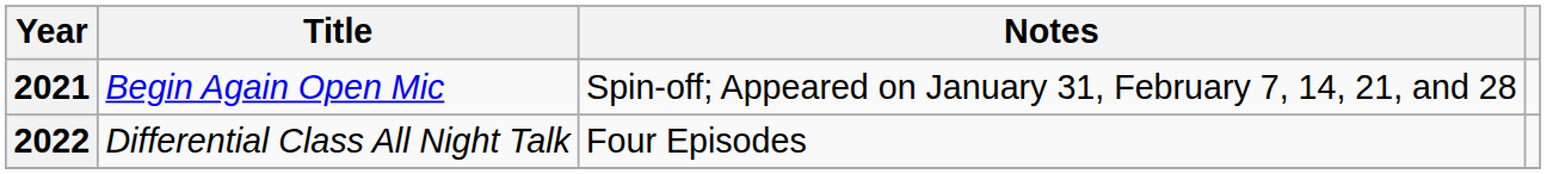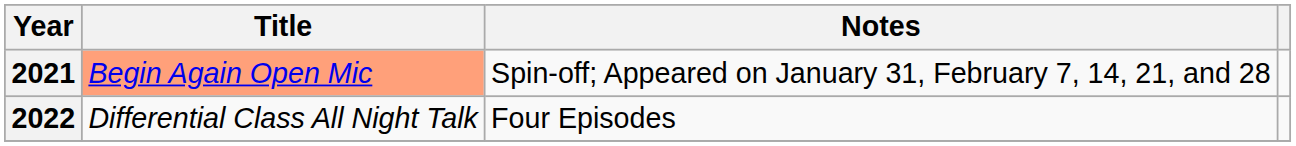 <table class="wikitable sortable plainrowheaders">
 <tr>
 <th>Year</th>
 <th>Title</th>
 <th class="unsortable">Notes</th>
 <th scope="col" class="unsortable"></th>
 </tr>
 <tr>
 <th scope= "row">2021</th>
-<td><em><a href='#'>Begin Again Open Mic</a></em></td>
+<td style="background: lightsalmon;"><em><a href='#'>Begin Again Open Mic</a></em></td>
 <td>Spin-off; Appeared on January 31, February 7, 14, 21, and 28</td>
 <td></td>
 </tr>
 <tr>
 <th scope= "row">2022</th>
 <td><em>Differential Class All Night Talk</em></td>
 <td>Four Episodes</td>
 <td></td>
 </tr>
 <tr>
 </tr>
 </table>
